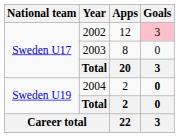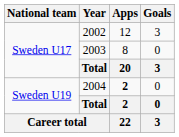 <table class="wikitable" style="text-align:center">
 <tr>
 <th>National team</th>
 <th>Year</th>
 <th>Apps</th>
 <th>Goals</th>
 </tr>
 <tr>
 <td rowspan="3"><a href='#'>Sweden U17</a></td>
 <td>2002</td>
 <td>12</td>
-<td style="background: pink;">3</td>
+<td>3</td>
 </tr>
 <tr>
 <td>2003</td>
 <td>8</td>
 <td>0</td>
 </tr>
 <tr>
 <th>Total</th>
 <th>20</th>
 <th>3</th>
 </tr>
 <tr>
 <td rowspan="2"><a href='#'>Sweden U19</a></td>
 <td>2004</td>
-<td>2</td>
-<td><strong>0</strong></td>
+<td><strong>2</strong></td>
+<td>0</td>
 </tr>
 <tr>
 <th>Total</th>
 <th>2</th>
 <th>0</th>
 </tr>
 <tr>
 <th colspan="2">Career total</th>
 <th>22</th>
 <th>3</th>
 </tr>
 </table>
